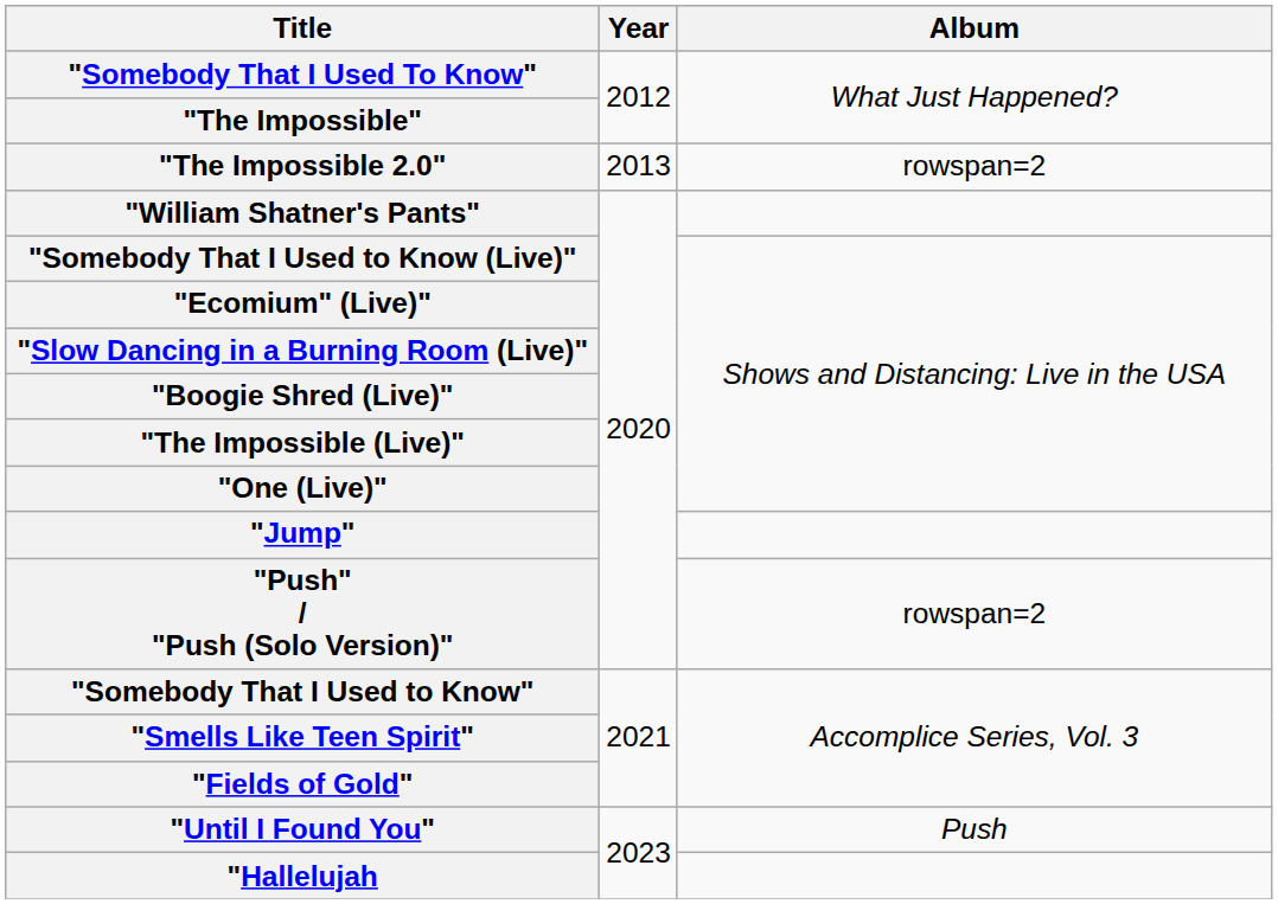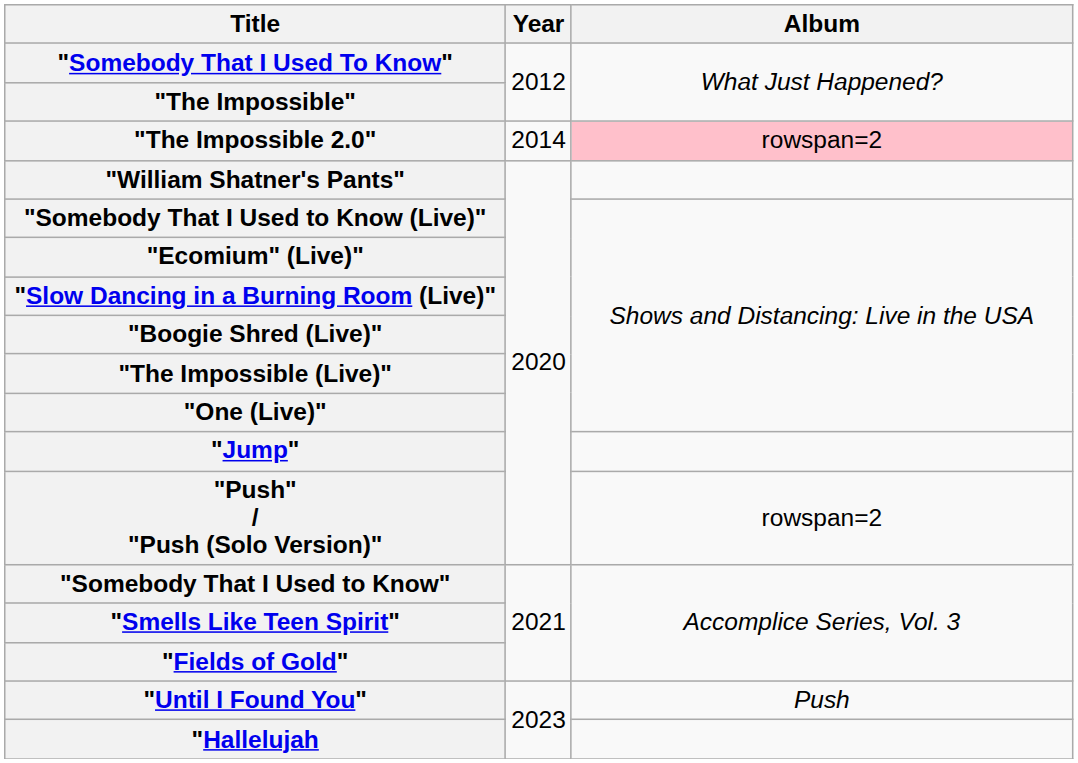 <table class="wikitable plainrowheaders" style="text-align:center;">
 <tr>
 <th rowspan="1" style="width:20em;">Title</th>
 <th rowspan="1" style="width:1em;">Year</th>
 <th rowspan="1" style="width:20em;">Album</th>
 </tr>
 <tr>
 <th scope="row">"<a href='#'>Somebody That I Used To Know</a>"</th>
 <td rowspan=2>2012</td>
 <td rowspan=2><em>What Just Happened?</em></td>
 </tr>
 <tr>
 <th scope="row">"The Impossible"</th>
 </tr>
 <tr>
 <th scope="row">"The Impossible 2.0"<br></th>
-<td>2013</td>
-<td>rowspan=2 </td>
+<td>2014</td>
+<td style="background: pink;">rowspan=2 </td>
 </tr>
 <tr>
 <th scope="row">"William Shatner's Pants"</th>
 <td rowspan=9>2020</td>
 </tr>
 <tr>
 <th scope="row">"Somebody That I Used to Know (Live)"</th>
 <td rowspan=6><em>Shows and Distancing: Live in the USA</em></td>
 </tr>
 <tr>
 <th scope="row">"Ecomium" (Live)"</th>
 </tr>
 <tr>
 <th scope="row">"<a href='#'>Slow Dancing in a Burning Room</a> (Live)"</th>
 </tr>
 <tr>
 <th scope="row">"Boogie Shred (Live)"</th>
 </tr>
 <tr>
 <th scope="row">"The Impossible (Live)"</th>
 </tr>
 <tr>
 <th scope="row">"One (Live)"<br></th>
 </tr>
 <tr>
 <th scope="row">"<a href='#'>Jump</a>"</th>
 <td></td>
 </tr>
 <tr>
 <th scope="row">"Push"<br> /<br>"Push (Solo Version)"</th>
 <td>rowspan=2 </td>
 </tr>
 <tr>
 <th scope="row">"Somebody That I Used to Know"<br></th>
 <td rowspan=3>2021</td>
 <td rowspan=3><em>Accomplice Series, Vol. 3</em></td>
 </tr>
 <tr>
 <th scope="row">"<a href='#'>Smells Like Teen Spirit</a>"<br></th>
 </tr>
 <tr>
 <th scope="row">"<a href='#'>Fields of Gold</a>"<br></th>
 </tr>
 <tr>
 <th scope="row">"<a href='#'>Until I Found You</a>"<br></th>
 <td rowspan=2>2023</td>
 <td><em>Push</em></td>
 </tr>
 <tr>
 <th scope="row">"<a href='#'>Hallelujah</a><br></th>
 </tr>
 </table>
